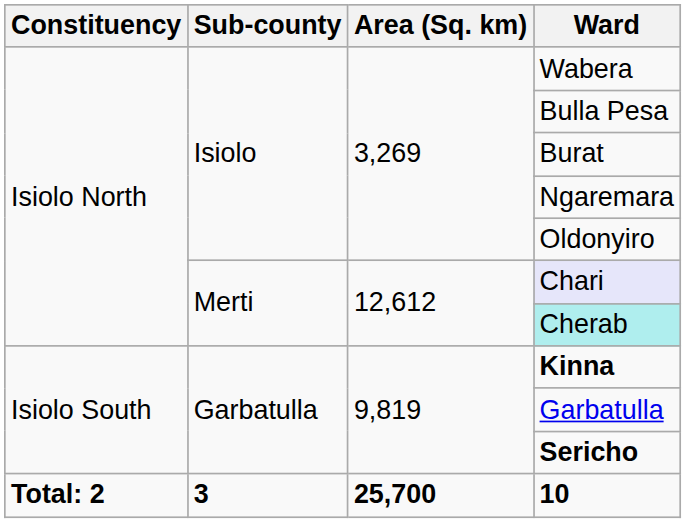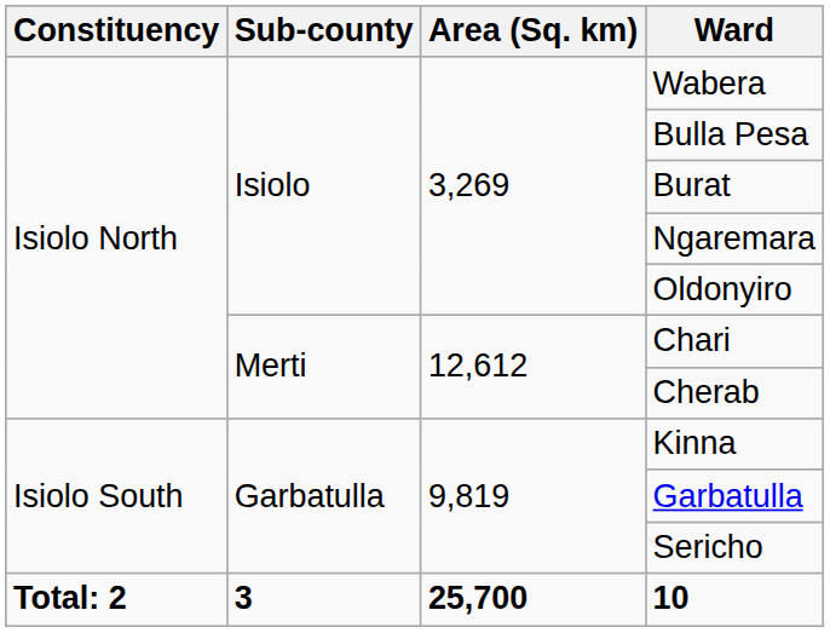 <table class="wikitable">
 <tr>
 <th>Constituency</th>
 <th>Sub-county</th>
 <th>Area (Sq. km)</th>
 <th>Ward</th>
 </tr>
 <tr>
 <td rowspan="7">Isiolo North</td>
 <td rowspan="5">Isiolo</td>
 <td rowspan="5">3,269</td>
 <td>Wabera</td>
 </tr>
 <tr>
 <td>Bulla Pesa</td>
 </tr>
 <tr>
 <td>Burat</td>
 </tr>
 <tr>
 <td>Ngaremara</td>
 </tr>
 <tr>
 <td>Oldonyiro</td>
 </tr>
 <tr>
 <td rowspan="2">Merti</td>
 <td rowspan="2">12,612</td>
-<td style="background: lavender;">Chari</td>
+<td>Chari</td>
 </tr>
 <tr>
-<td style="background: paleturquoise;">Cherab</td>
+<td>Cherab</td>
 </tr>
 <tr>
 <td rowspan="3">Isiolo South</td>
 <td rowspan="3">Garbatulla</td>
 <td rowspan="3">9,819</td>
-<td><strong>Kinna</strong></td>
+<td>Kinna</td>
 </tr>
 <tr>
 <td><a href='#'>Garbatulla</a></td>
 </tr>
 <tr>
-<td><strong>Sericho</strong></td>
+<td>Sericho</td>
 </tr>
 <tr>
 <td><strong>Total: 2</strong></td>
 <td><strong>3</strong></td>
 <td><strong>25,700</strong></td>
 <td><strong>10</strong></td>
 </tr>
 </table>
